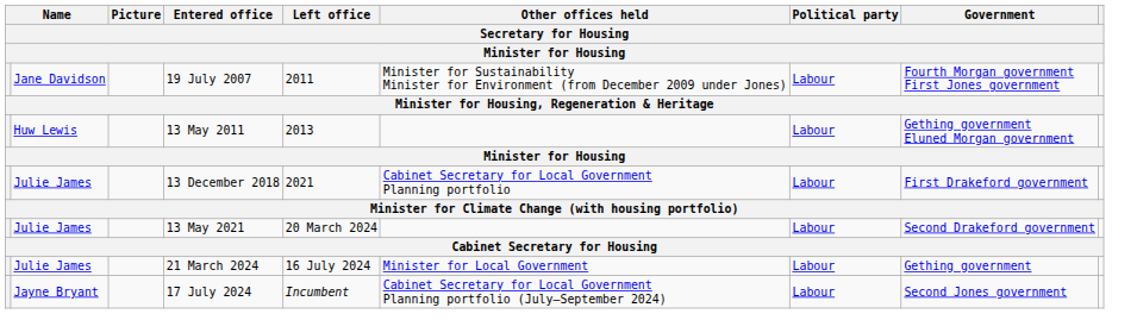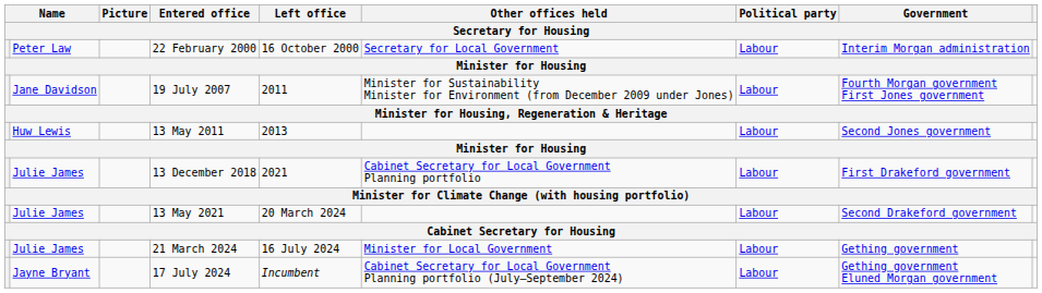 <table class="wikitable">
 <tr>
 <th colspan="2">Name</th>
 <th>Picture</th>
 <th>Entered office</th>
 <th>Left office</th>
 <th>Other offices held</th>
 <th>Political party</th>
 <th>Government</th>
 <th></th>
 </tr>
 <tr>
 <th colspan="9">Secretary for Housing</th>
+</tr>
+<tr>
+<th style="background-color:"></th>
+<td><a href='#'>Peter Law</a></td>
+<td></td>
+<td>22 February 2000</td>
+<td>16 October 2000</td>
+<td><a href='#'>Secretary for Local Government</a></td>
+<td><a href='#'>Labour</a></td>
+<td><a href='#'>Interim Morgan administration</a></td>
+<td></td>
 </tr>
 <tr>
 <th colspan="9">Minister for Housing</th>
 </tr>
 <tr>
 <th style="background-color:"></th>
 <td><a href='#'>Jane Davidson</a></td>
 <td></td>
 <td>19 July 2007</td>
 <td>2011</td>
 <td>Minister for Sustainability<br>Minister for Environment (from December 2009 under Jones)</td>
 <td><a href='#'>Labour</a></td>
 <td><a href='#'>Fourth Morgan government</a><br><a href='#'>First Jones government</a></td>
 <td></td>
 </tr>
 <tr>
 <th colspan="9"><strong>Minister for Housing, Regeneration & Heritage</strong></th>
 </tr>
 <tr>
 <th style="background-color:"></th>
 <td><a href='#'>Huw Lewis</a></td>
 <td></td>
 <td>13 May 2011</td>
 <td>2013</td>
 <td></td>
 <td><a href='#'>Labour</a></td>
-<td><a href='#'>Gething government</a><br><a href='#'>Eluned Morgan government</a></td>
+<td><a href='#'>Second Jones government</a></td>
 <td></td>
 </tr>
 <tr>
 <th colspan="9">Minister for Housing</th>
 </tr>
 <tr>
 <th style="background-color:"></th>
 <td><a href='#'>Julie James</a></td>
 <td></td>
 <td>13 December 2018</td>
 <td>2021</td>
 <td><a href='#'>Cabinet Secretary for Local Government</a><br>Planning portfolio</td>
 <td><a href='#'>Labour</a></td>
 <td><a href='#'>First Drakeford government</a></td>
 <td></td>
 </tr>
 <tr>
 <th colspan="9">Minister for Climate Change (with housing portfolio)</th>
 </tr>
 <tr>
 <th style="background-color:"></th>
 <td><a href='#'>Julie James</a></td>
 <td></td>
 <td>13 May 2021</td>
 <td>20 March 2024</td>
 <td></td>
 <td><a href='#'>Labour</a></td>
 <td><a href='#'>Second Drakeford government</a></td>
 <td></td>
 </tr>
 <tr>
 <th colspan="9">Cabinet Secretary for Housing</th>
 </tr>
 <tr>
 <th style="background-color:"></th>
 <td><a href='#'>Julie James</a></td>
 <td></td>
 <td>21 March 2024</td>
 <td>16 July 2024</td>
 <td><a href='#'>Minister for Local Government</a></td>
 <td><a href='#'>Labour</a></td>
 <td><a href='#'>Gething government</a></td>
 <td></td>
 </tr>
 <tr>
 <th style="background-color:"></th>
 <td><a href='#'>Jayne Bryant</a></td>
 <td></td>
 <td>17 July 2024</td>
 <td><em>Incumbent<strong></td>
 <td><a href='#'>Cabinet Secretary for Local Government</a><br>Planning portfolio (July–September 2024)</td>
 <td><a href='#'>Labour</a></td>
-<td><a href='#'>Second Jones government</a></td>
+<td><a href='#'>Gething government</a><br><a href='#'>Eluned Morgan government</a></td>
 <td></td>
 </tr>
 </table>
